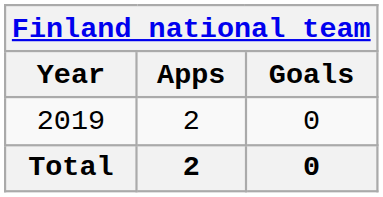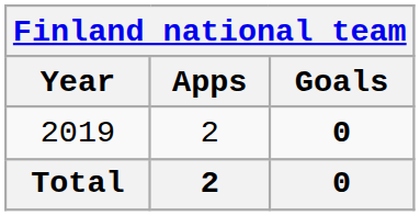 <table class="wikitable" style="text-align:center">
 <tr>
 <th colspan=3><a href='#'>Finland national team</a></th>
 </tr>
 <tr>
 <th>Year</th>
 <th>Apps</th>
 <th>Goals</th>
 </tr>
 <tr>
 <td>2019</td>
 <td>2</td>
-<td>0</td>
+<td><strong>0</strong></td>
 </tr>
 <tr>
 <th>Total</th>
 <th>2</th>
 <th>0</th>
 </tr>
 </table>
